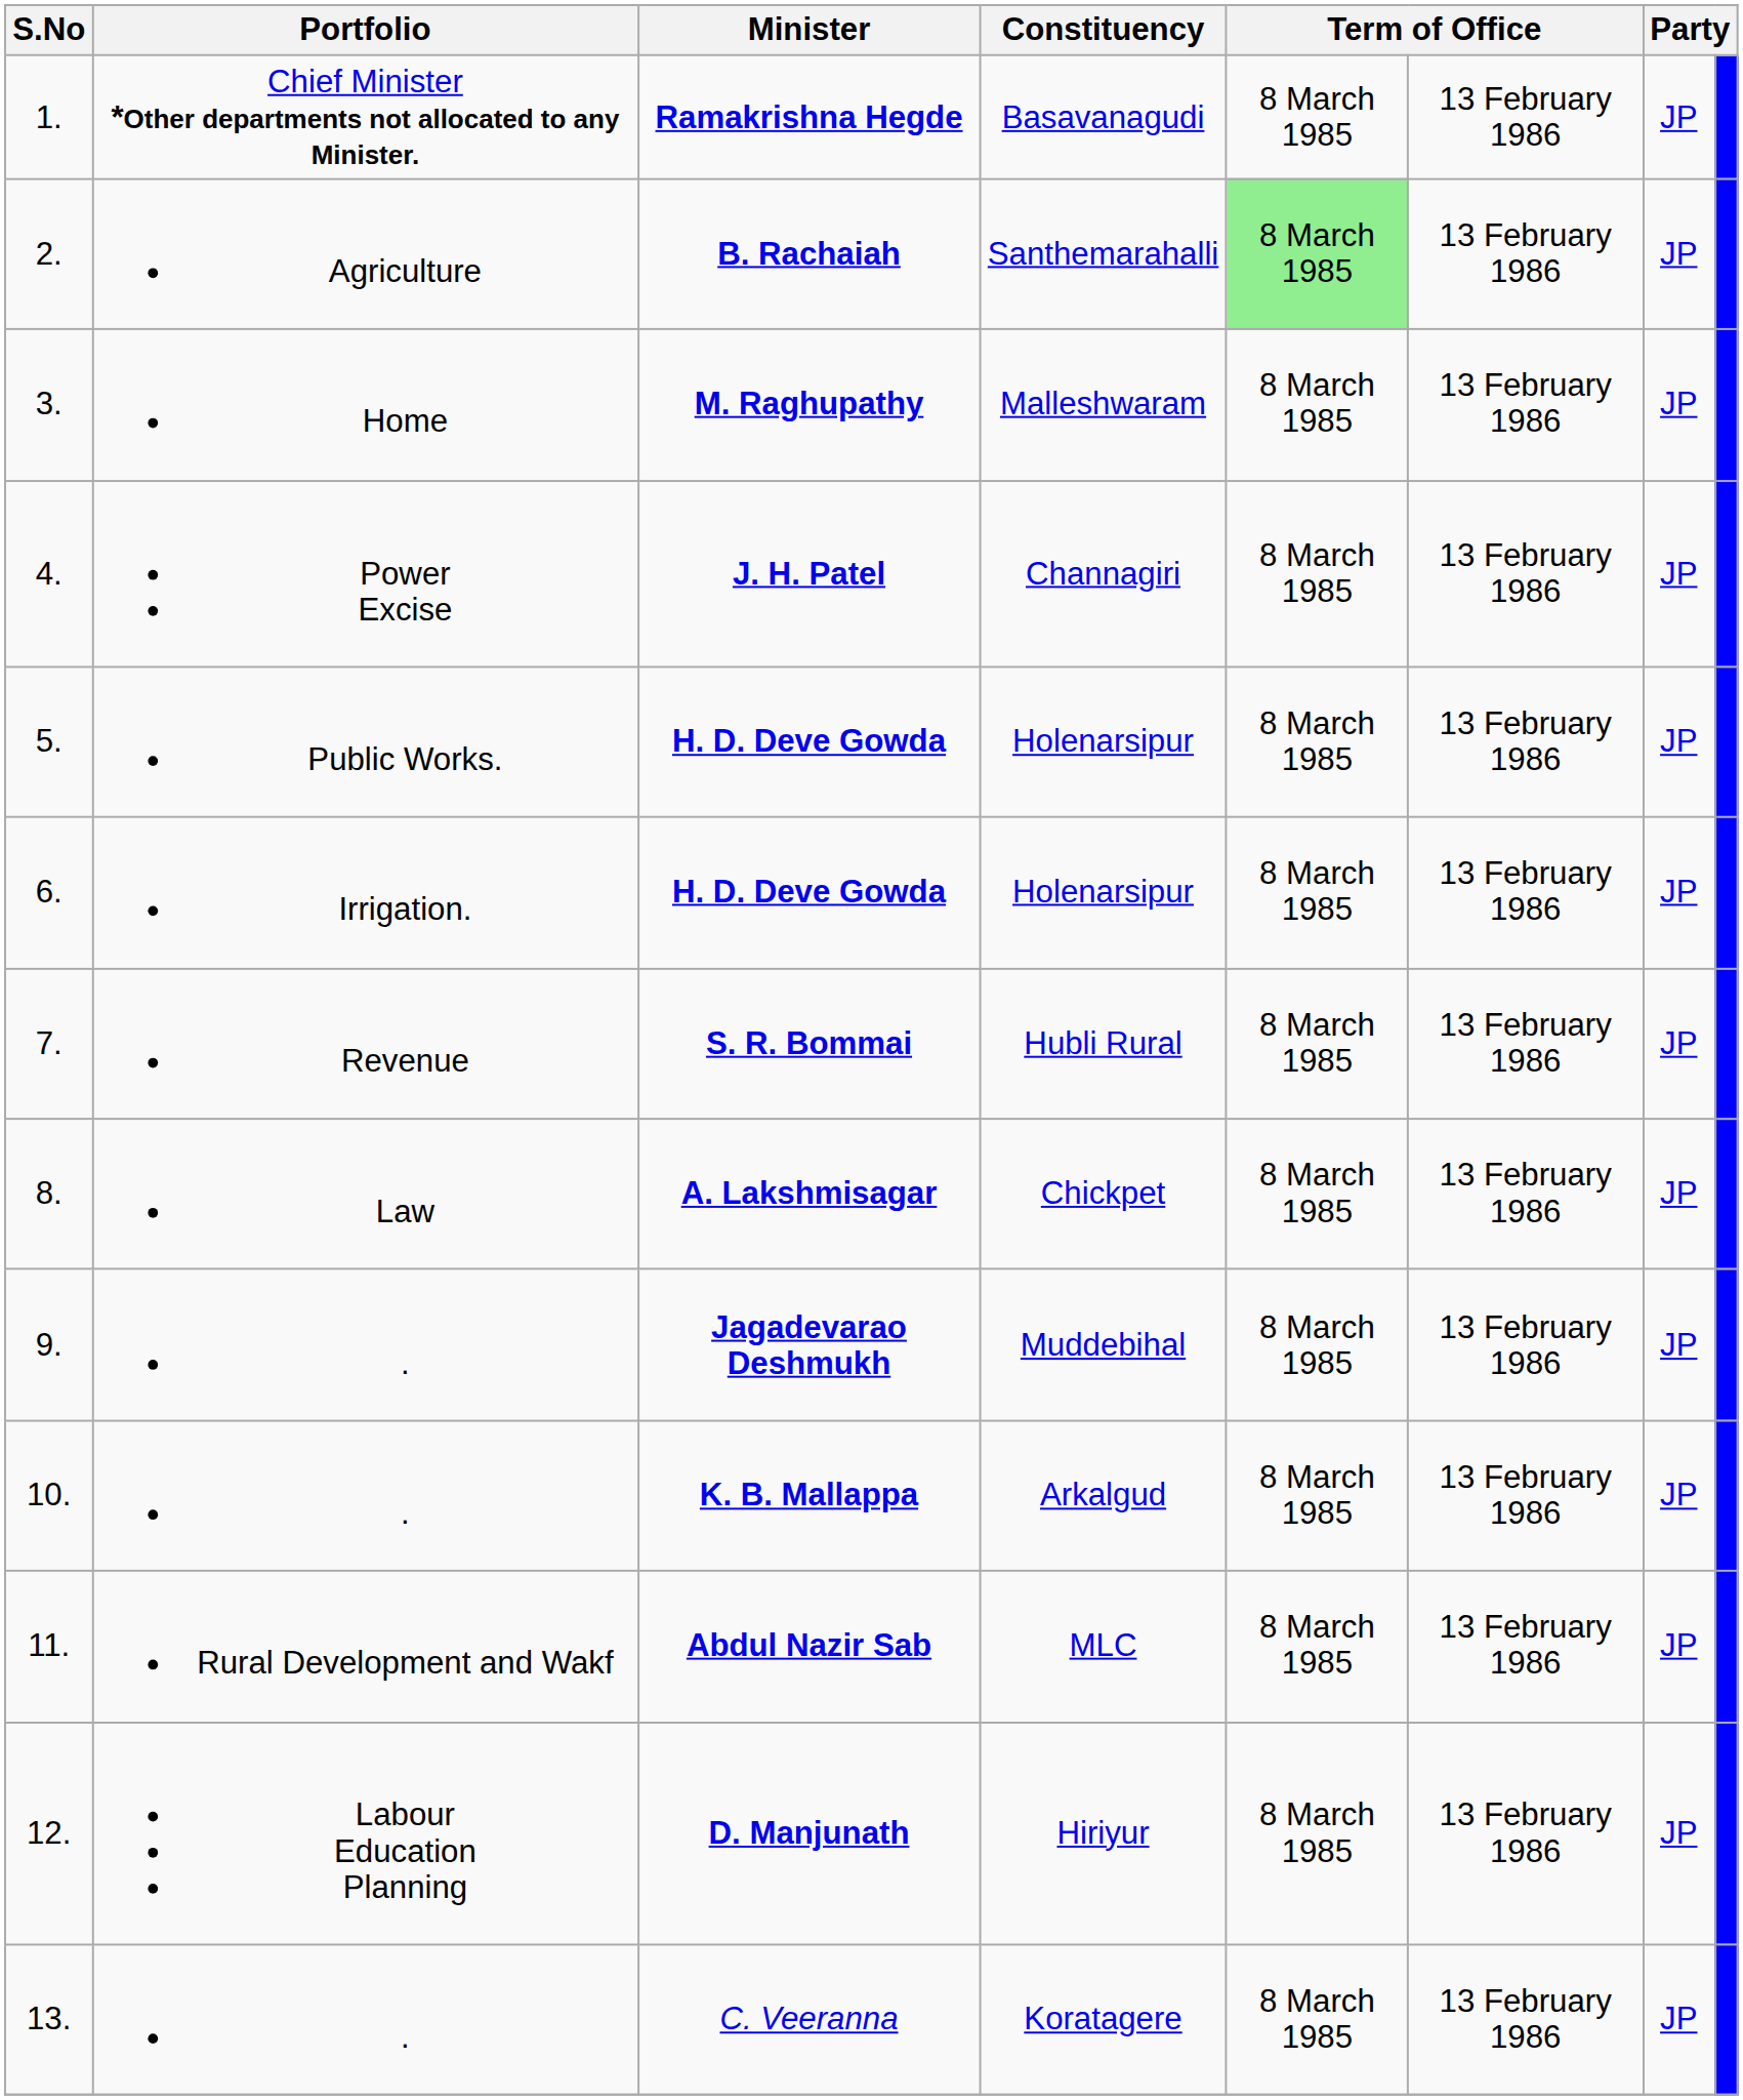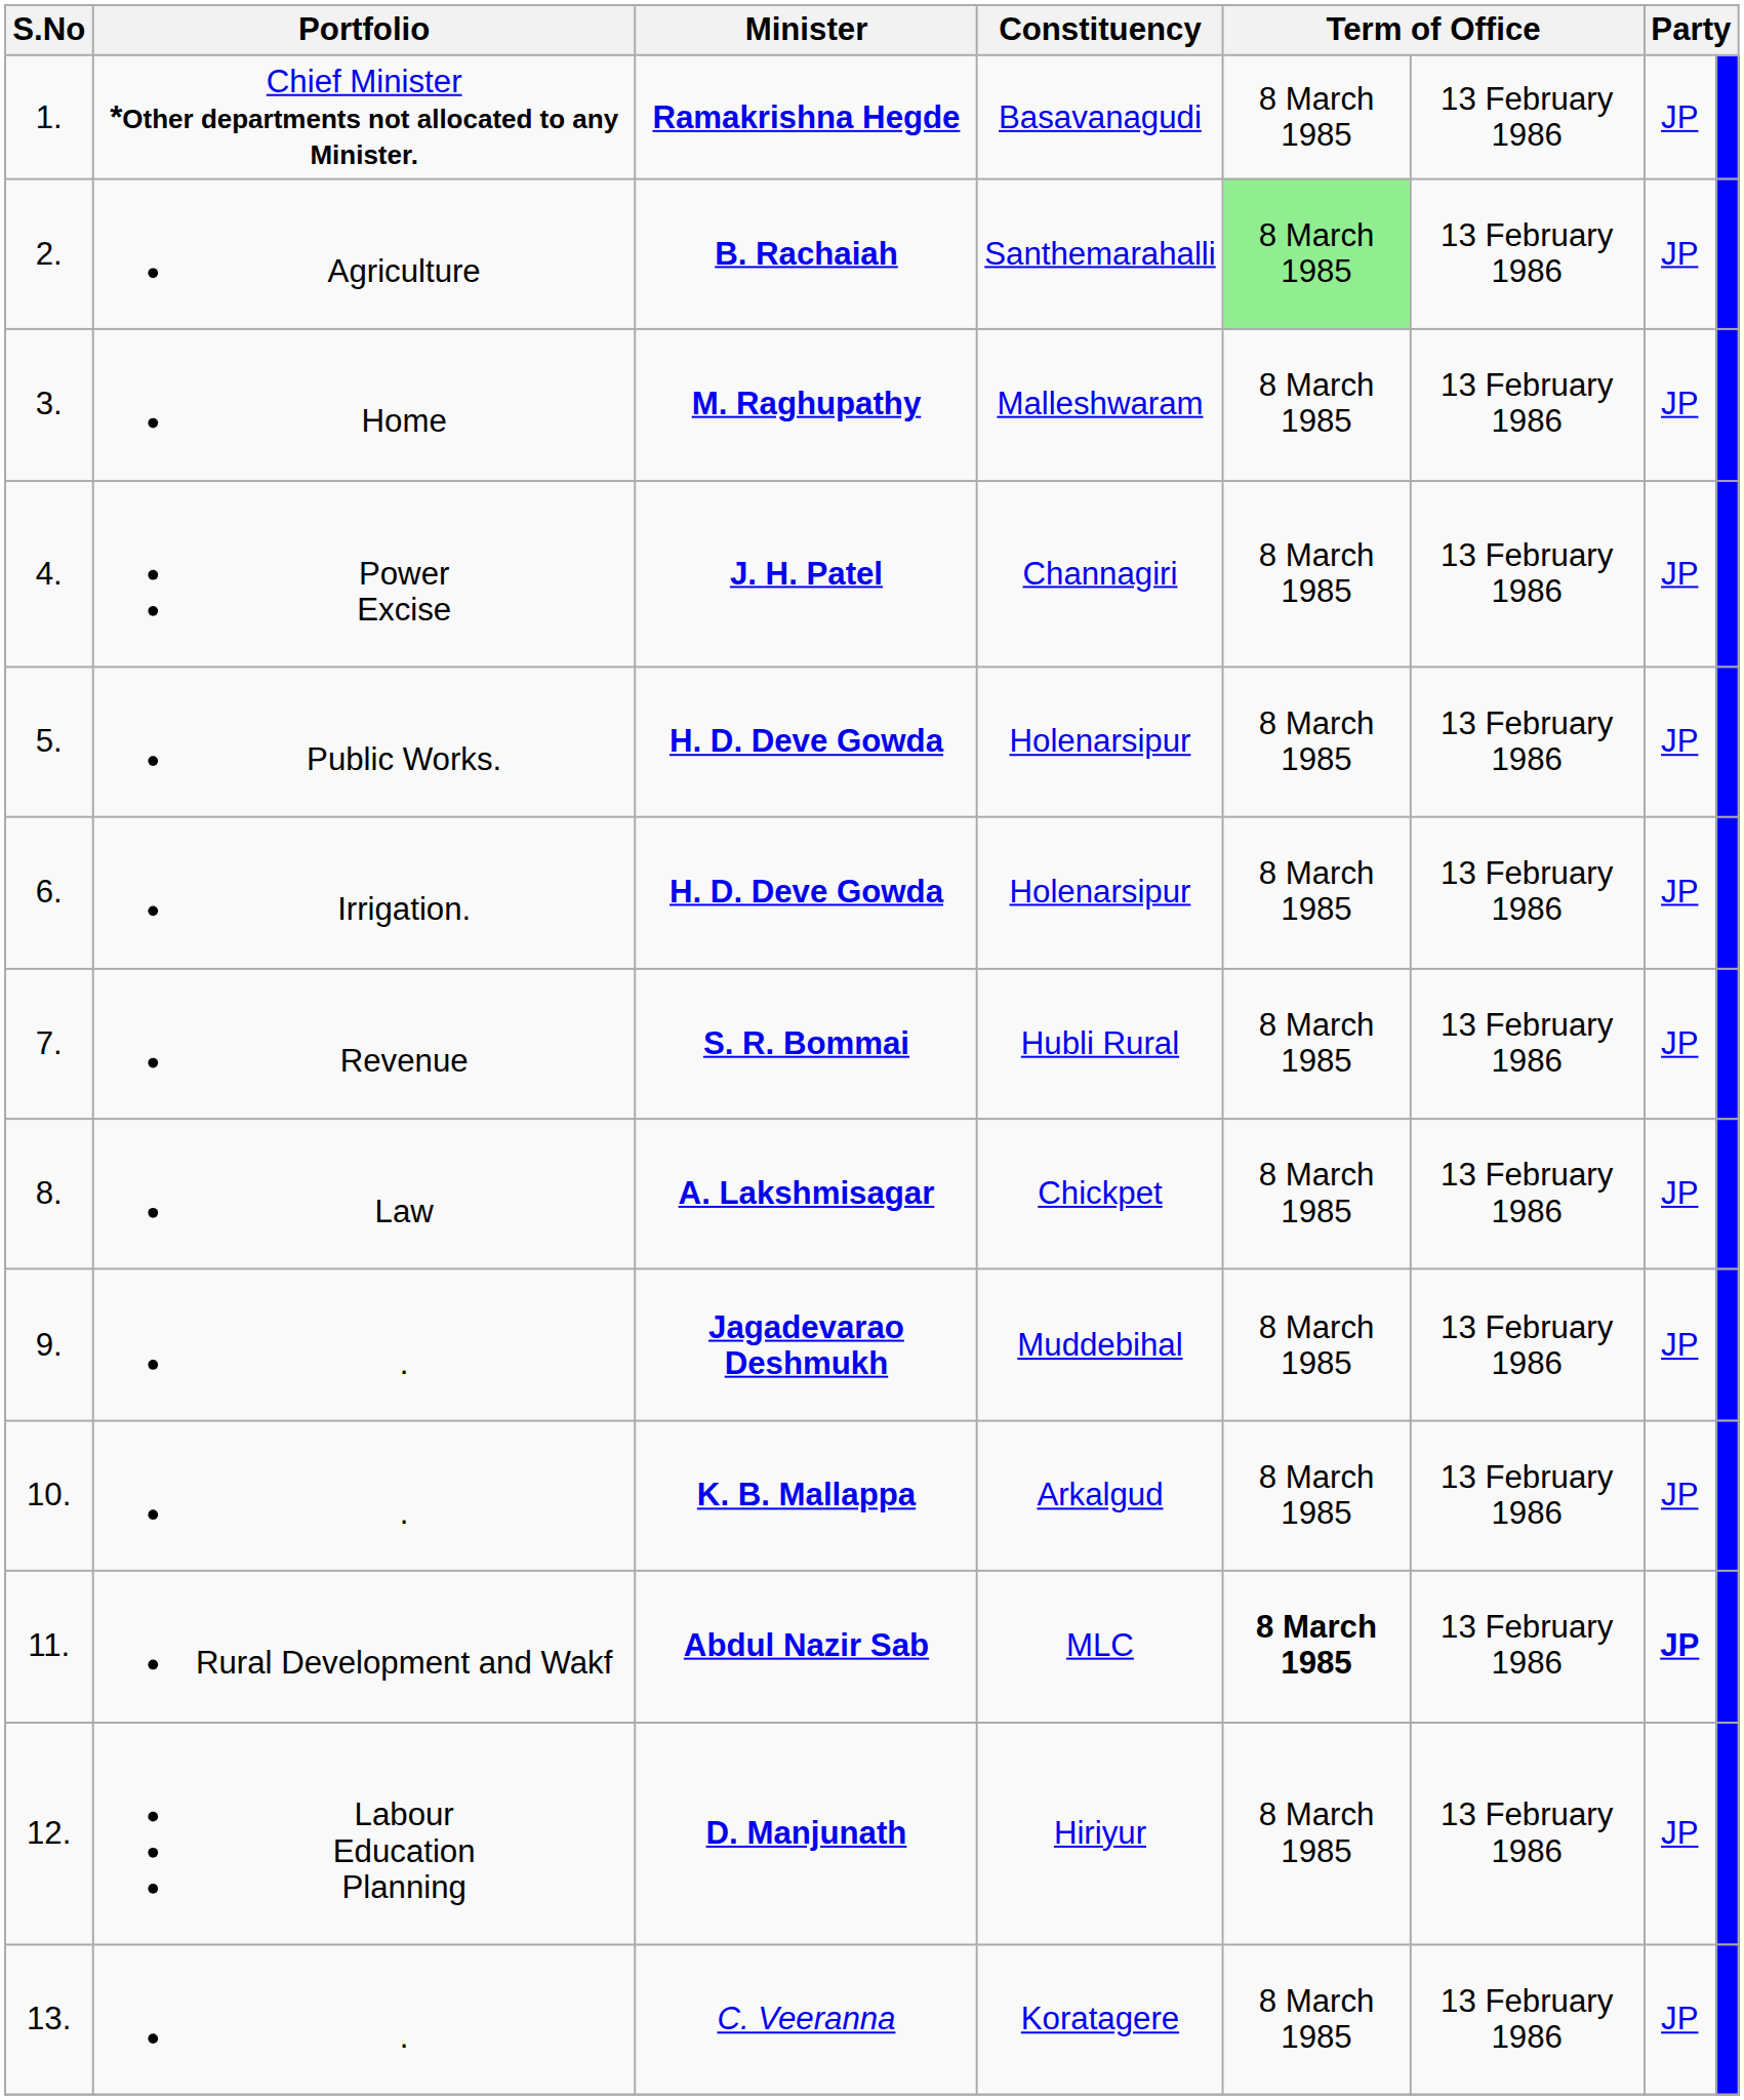 <table class="wikitable sortable" style="text-align:center;">
 <tr>
 <th>S.No</th>
 <th>Portfolio</th>
 <th>Minister</th>
 <th>Constituency</th>
 <th colspan="2">Term of Office</th>
 <th colspan="2" scope="col">Party</th>
 </tr>
 <tr>
 <td>1.</td>
 <td><a href='#'>Chief Minister</a><br><strong>*<small>Other departments not allocated to any Minister.</small></strong></td>
 <td><strong><a href='#'>Ramakrishna Hegde</a></strong></td>
 <td><a href='#'>Basavanagudi</a></td>
 <td>8 March 1985</td>
 <td>13 February 1986</td>
 <td><a href='#'>JP</a></td>
 <td width="4px" bgcolor="#0000FF"></td>
 </tr>
 <tr style="text-align:center">
 <td>2.</td>
 <td><br><ul><li>Agriculture</li></ul></td>
 <td><strong><a href='#'>B. Rachaiah</a></strong></td>
 <td><a href='#'>Santhemarahalli</a></td>
 <td style="background: lightgreen;">8 March 1985</td>
 <td>13 February 1986</td>
 <td><a href='#'>JP</a></td>
 <td width="4px" bgcolor="#0000FF"></td>
 </tr>
 <tr style="text-align:center">
 <td>3.</td>
 <td><br><ul><li>Home</li></ul></td>
 <td><strong><a href='#'>M. Raghupathy</a></strong></td>
 <td><a href='#'>Malleshwaram</a></td>
 <td>8 March 1985</td>
 <td>13 February 1986</td>
 <td><a href='#'>JP</a></td>
 <td width="4px" bgcolor="#0000FF"></td>
 </tr>
 <tr style="text-align:center">
 <td>4.</td>
 <td><br><ul><li>Power</li><li>Excise</li></ul></td>
 <td><strong><a href='#'>J. H. Patel</a></strong></td>
 <td><a href='#'>Channagiri</a></td>
 <td>8 March 1985</td>
 <td>13 February 1986</td>
 <td><a href='#'>JP</a></td>
 <td width="4px" bgcolor="#0000FF"></td>
 </tr>
 <tr style="text-align:center">
 <td>5.</td>
 <td><br><ul><li>Public Works.</li></ul></td>
 <td><strong><a href='#'>H. D. Deve Gowda</a></strong></td>
 <td><a href='#'>Holenarsipur</a></td>
 <td>8 March 1985</td>
 <td>13 February 1986</td>
 <td><a href='#'>JP</a></td>
 <td width="4px" bgcolor="#0000FF"></td>
 </tr>
 <tr style="text-align:center">
 <td>6.</td>
 <td><br><ul><li>Irrigation.</li></ul></td>
 <td><strong><a href='#'>H. D. Deve Gowda</a></strong></td>
 <td><a href='#'>Holenarsipur</a></td>
 <td>8 March 1985</td>
 <td>13 February 1986</td>
 <td><a href='#'>JP</a></td>
 <td width="4px" bgcolor="#0000FF"></td>
 </tr>
 <tr>
 <td>7.</td>
 <td><br><ul><li>Revenue</li></ul></td>
 <td><strong><a href='#'>S. R. Bommai</a></strong></td>
 <td><a href='#'>Hubli Rural</a></td>
 <td>8 March 1985</td>
 <td>13 February 1986</td>
 <td><a href='#'>JP</a></td>
 <td width="4px" bgcolor="#0000FF"></td>
 </tr>
 <tr style="text-align:center">
 <td>8.</td>
 <td><br><ul><li>Law</li></ul></td>
 <td><strong><a href='#'>A. Lakshmisagar</a></strong></td>
 <td><a href='#'>Chickpet</a></td>
 <td>8 March 1985</td>
 <td>13 February 1986</td>
 <td><a href='#'>JP</a></td>
 <td width="4px" bgcolor="#0000FF"></td>
 </tr>
 <tr style="text-align:center">
 <td>9.</td>
 <td><br><ul><li>.</li></ul></td>
 <td><strong><a href='#'>Jagadevarao Deshmukh</a></strong></td>
 <td><a href='#'>Muddebihal</a></td>
 <td>8 March 1985</td>
 <td>13 February 1986</td>
 <td><a href='#'>JP</a></td>
 <td width="4px" bgcolor="#0000FF"></td>
 </tr>
 <tr style="text-align:center">
 <td>10.</td>
 <td><br><ul><li>.</li></ul></td>
 <td><strong><a href='#'>K. B. Mallappa</a></strong></td>
 <td><a href='#'>Arkalgud</a></td>
 <td>8 March 1985</td>
 <td>13 February 1986</td>
 <td><a href='#'>JP</a></td>
 <td width="4px" bgcolor="#0000FF"></td>
 </tr>
 <tr>
 <td>11.</td>
 <td><br><ul><li>Rural Development and Wakf</li></ul></td>
 <td><strong><a href='#'>Abdul Nazir Sab</a></strong></td>
 <td><a href='#'>MLC</a></td>
-<td>8 March 1985</td>
+<td><strong>8 March 1985</strong></td>
 <td>13 February 1986</td>
-<td><a href='#'>JP</a></td>
+<td><strong><a href='#'>JP</a></strong></td>
 <td width="4px" bgcolor="#0000FF"></td>
 </tr>
 <tr>
 <td>12.</td>
 <td><br><ul><li>Labour</li><li>Education</li><li>Planning</li></ul></td>
 <td><strong><a href='#'>D. Manjunath</a></strong></td>
 <td><a href='#'>Hiriyur</a></td>
 <td>8 March 1985</td>
 <td>13 February 1986</td>
 <td><a href='#'>JP</a></td>
 <td width="4px" bgcolor="#0000FF"></td>
 </tr>
 <tr>
 <td>13.</td>
 <td><br><ul><li>.</li></ul></td>
 <td><em><a href='#'>C. Veeranna</a></em></td>
 <td><a href='#'>Koratagere</a></td>
 <td>8 March 1985</td>
 <td>13 February 1986</td>
 <td><a href='#'>JP</a></td>
 <td width="4px" bgcolor="#0000FF"></td>
 </tr>
 <tr>
 </tr>
 </table>
